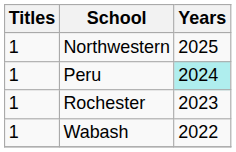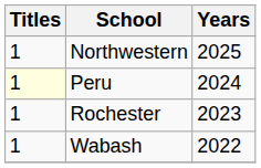 <table class="wikitable">
 <tr>
 <th>Titles</th>
 <th>School</th>
 <th>Years</th>
 </tr>
 <tr>
 <td>1</td>
 <td>Northwestern</td>
 <td>2025</td>
 </tr>
 <tr>
-<td>1</td>
+<td style="background: lightyellow;">1</td>
 <td>Peru</td>
-<td style="background: paleturquoise;">2024</td>
+<td>2024</td>
 </tr>
 <tr>
 <td>1</td>
 <td>Rochester</td>
 <td>2023</td>
 </tr>
 <tr>
 <td>1</td>
 <td>Wabash</td>
 <td>2022</td>
 </tr>
 <tr>
 </tr>
 </table>
